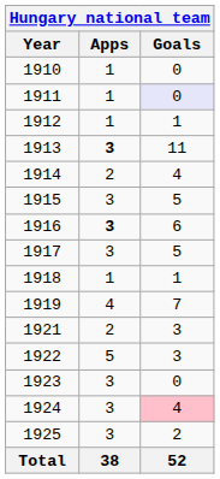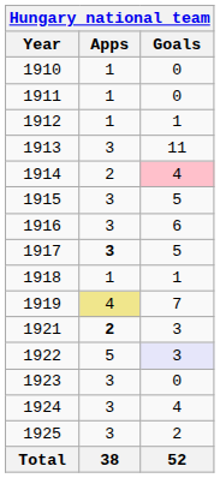 <table class="wikitable" style="text-align:center">
 <tr>
 <th colspan=3><a href='#'>Hungary national team</a></th>
 </tr>
 <tr>
 <th>Year</th>
 <th>Apps</th>
 <th>Goals</th>
 </tr>
 <tr>
 <td>1910</td>
 <td>1</td>
 <td>0</td>
 </tr>
 <tr>
 <td>1911</td>
 <td>1</td>
-<td style="background: lavender;">0</td>
+<td>0</td>
 </tr>
 <tr>
 <td>1912</td>
 <td>1</td>
 <td>1</td>
 </tr>
 <tr>
 <td>1913</td>
-<td><strong>3</strong></td>
+<td>3</td>
 <td>11</td>
 </tr>
 <tr>
 <td>1914</td>
 <td>2</td>
-<td>4</td>
+<td style="background: pink;">4</td>
 </tr>
 <tr>
 <td>1915</td>
 <td>3</td>
 <td>5</td>
 </tr>
 <tr>
 <td>1916</td>
-<td><strong>3</strong></td>
+<td>3</td>
 <td>6</td>
 </tr>
 <tr>
 <td>1917</td>
-<td>3</td>
+<td><strong>3</strong></td>
 <td>5</td>
 </tr>
 <tr>
 <td>1918</td>
 <td>1</td>
 <td>1</td>
 </tr>
 <tr>
 <td>1919</td>
-<td>4</td>
+<td style="background: khaki;">4</td>
 <td>7</td>
 </tr>
 <tr>
 <td>1921</td>
-<td>2</td>
+<td><strong>2</strong></td>
 <td>3</td>
 </tr>
 <tr>
 <td>1922</td>
 <td>5</td>
-<td>3</td>
+<td style="background: lavender;">3</td>
 </tr>
 <tr>
 <td>1923</td>
 <td>3</td>
 <td>0</td>
 </tr>
 <tr>
 <td>1924</td>
 <td>3</td>
-<td style="background: pink;">4</td>
+<td>4</td>
 </tr>
 <tr>
 <td>1925</td>
 <td>3</td>
 <td>2</td>
 </tr>
 <tr>
 <th>Total</th>
 <th>38</th>
 <th>52</th>
 </tr>
 </table>
